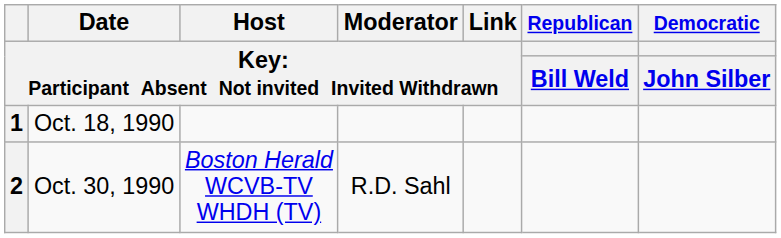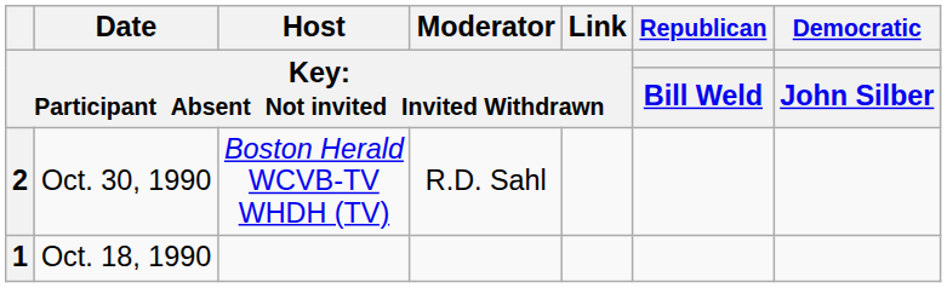 <table class="wikitable" style="text-align:center;">
 <tr>
 <th scope="col"></th>
 <th scope="col">Date</th>
 <th scope="col">Host</th>
 <th scope="col">Moderator</th>
 <th scope="col">Link</th>
 <th scope="col"><small><a href='#'>Republican</a></small></th>
 <th scope="col"><small><a href='#'>Democratic</a></small></th>
 </tr>
 <tr>
 <th colspan="5" rowspan="2">Key:<br> <small>Participant </small>  <small>Absent </small>  <small>Not invited </small>  <small>Invited  Withdrawn</small></th>
 <th scope="col" style="background:"></th>
 <th scope="col" style="background:"></th>
 </tr>
 <tr>
 <th scope="col"><a href='#'>Bill Weld</a></th>
 <th scope="col"><a href='#'>John Silber</a></th>
 </tr>
 <tr>
+<th>2</th>
+<td style="white-space:nowrap;">Oct. 30, 1990</td>
+<td style="white-space:nowrap;"><em><a href='#'>Boston Herald</a></em><br><a href='#'>WCVB-TV</a><br><a href='#'>WHDH (TV)</a></td>
+<td style="white-space:nowrap;">R.D. Sahl</td>
+<td style="white-space:nowrap;"></td>
+<td></td>
+<td></td>
+</tr>
+<tr>
 <th>1</th>
 <td style="white-space:nowrap;">Oct. 18, 1990</td>
 <td style="white-space:nowrap;"></td>
 <td style="white-space:nowrap;"></td>
 <td style="white-space:nowrap;"></td>
 <td></td>
 <td></td>
 </tr>
-<tr>
-<th>2</th>
-<td style="white-space:nowrap;">Oct. 30, 1990</td>
-<td style="white-space:nowrap;"><em><a href='#'>Boston Herald</a></em><br><a href='#'>WCVB-TV</a><br><a href='#'>WHDH (TV)</a></td>
-<td style="white-space:nowrap;">R.D. Sahl</td>
-<td style="white-space:nowrap;"></td>
-<td></td>
-<td></td>
-</tr>
 </table>
